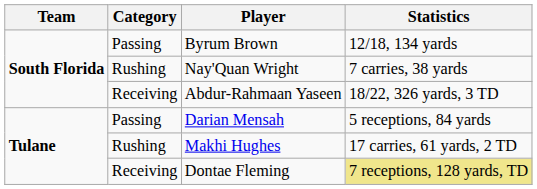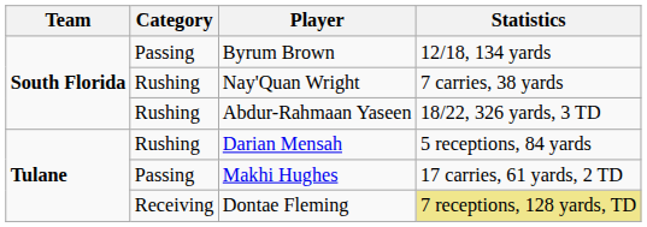 <table class="wikitable" style="float: right;">
 <tr>
 <th>Team</th>
 <th>Category</th>
 <th>Player</th>
 <th>Statistics</th>
 </tr>
 <tr>
 <td rowspan=3><strong>South Florida</strong></td>
 <td>Passing</td>
 <td>Byrum Brown</td>
 <td>12/18, 134 yards</td>
 </tr>
 <tr>
 <td>Rushing</td>
 <td>Nay'Quan Wright</td>
 <td>7 carries, 38 yards</td>
 </tr>
 <tr>
-<td>Receiving</td>
+<td>Rushing</td>
 <td>Abdur-Rahmaan Yaseen</td>
 <td>18/22, 326 yards, 3 TD</td>
 </tr>
 <tr>
 <td rowspan=3><strong>Tulane</strong></td>
-<td>Passing</td>
+<td>Rushing</td>
 <td><a href='#'>Darian Mensah</a></td>
 <td>5 receptions, 84 yards</td>
 </tr>
 <tr>
-<td>Rushing</td>
+<td>Passing</td>
 <td><a href='#'>Makhi Hughes</a></td>
 <td>17 carries, 61 yards, 2 TD</td>
 </tr>
 <tr>
 <td>Receiving</td>
 <td>Dontae Fleming</td>
 <td style="background: khaki;">7 receptions, 128 yards, TD</td>
 </tr>
 </table>
